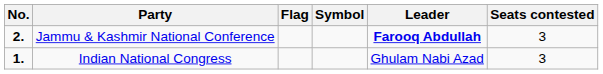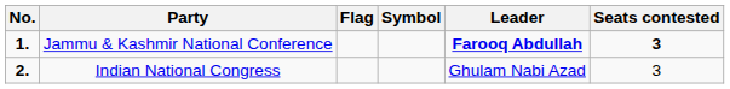 <table class="wikitable">
 <tr>
 <th>No.</th>
 <th>Party</th>
 <th>Flag</th>
 <th>Symbol</th>
 <th>Leader</th>
 <th>Seats contested</th>
 </tr>
 <tr>
-<td ! style="text-align:center; background:"><strong>2.</strong></td>
+<td ! style="text-align:center; background:"><strong>1.</strong></td>
 <td style="text-align:center"><a href='#'>Jammu & Kashmir National Conference</a></td>
 <td></td>
 <td></td>
 <td style="text-align:center"><strong><a href='#'>Farooq Abdullah</a></strong></td>
-<td style="text-align:center">3</td>
+<td style="text-align:center"><strong>3</strong></td>
 </tr>
 <tr>
-<td ! style="text-align:center; background:"><strong>1.</strong></td>
+<td ! style="text-align:center; background:"><strong>2.</strong></td>
 <td style="text-align:center"><a href='#'>Indian National Congress</a></td>
 <td></td>
 <td></td>
 <td style="text-align:center"><a href='#'>Ghulam Nabi Azad</a></td>
 <td style="text-align:center">3</td>
 </tr>
 </table>
